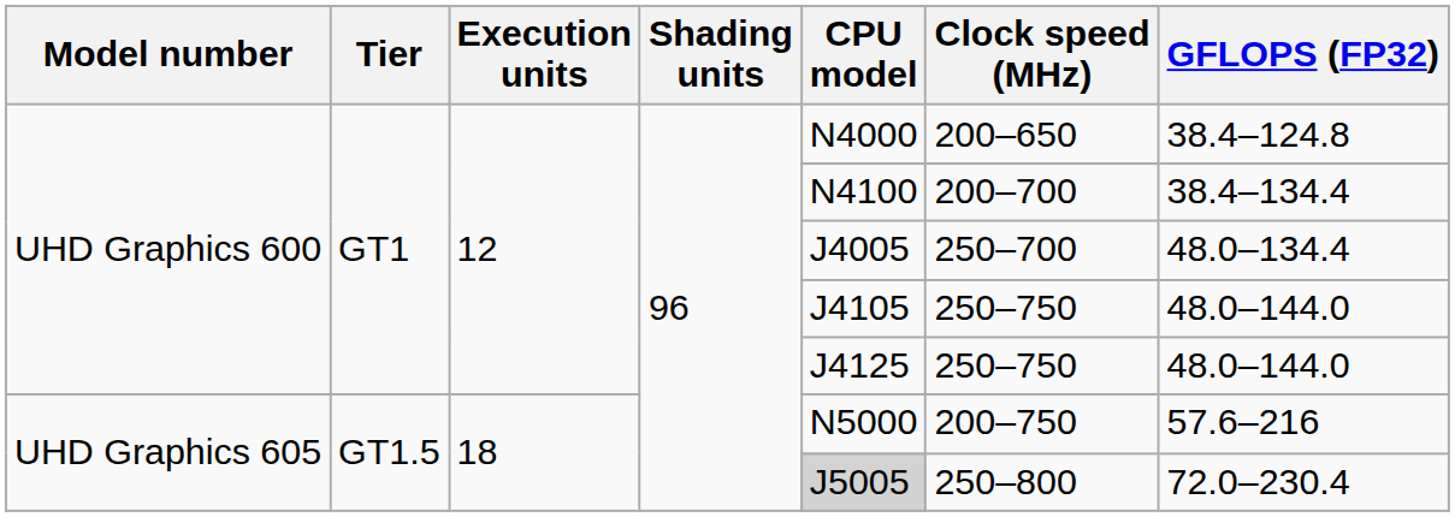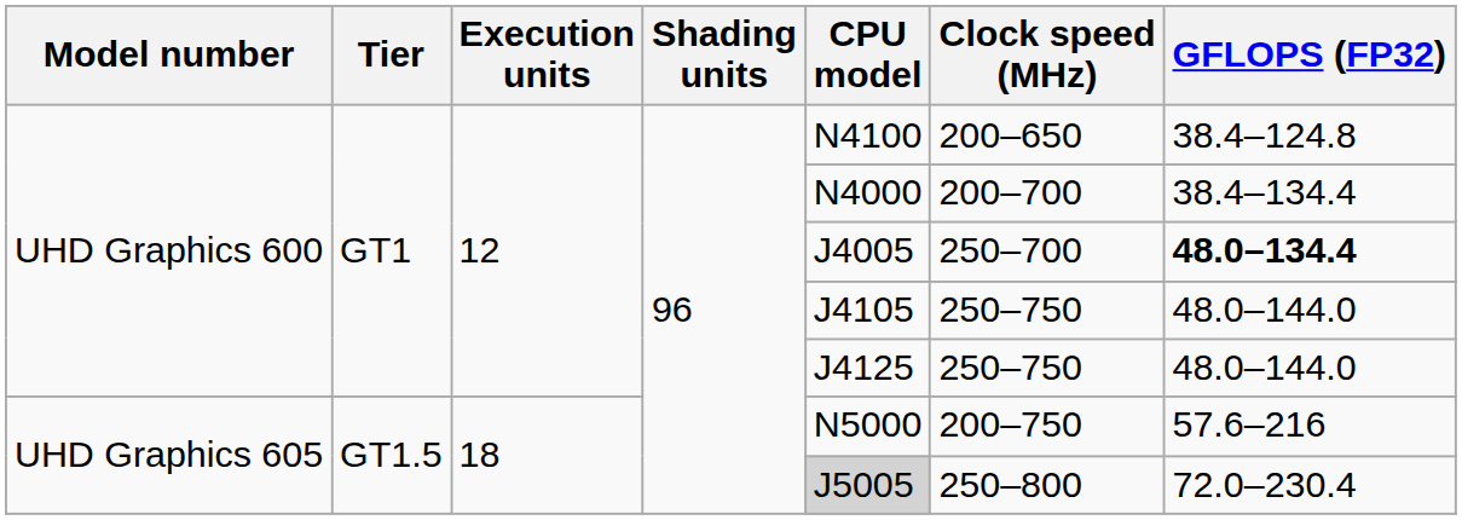 <table class="wikitable">
 <tr>
 <th>Model number</th>
 <th>Tier</th>
 <th>Execution<br>units</th>
 <th>Shading<br>units</th>
 <th>CPU<br>model</th>
 <th>Clock speed<br>(MHz)</th>
 <th><a href='#'>GFLOPS</a> (<a href='#'>FP32</a>)</th>
 </tr>
 <tr>
 <td rowspan="5"> UHD Graphics 600</td>
 <td rowspan="5">GT1</td>
 <td rowspan="5">12</td>
 <td rowspan="7">96</td>
-<td>N4000</td>
+<td>N4100</td>
 <td>200–650</td>
 <td>38.4–124.8</td>
 </tr>
 <tr>
-<td>N4100</td>
+<td>N4000</td>
 <td>200–700</td>
 <td>38.4–134.4</td>
 </tr>
 <tr>
 <td>J4005</td>
 <td>250–700</td>
-<td>48.0–134.4</td>
+<td><strong>48.0–134.4</strong></td>
 </tr>
 <tr>
 <td>J4105</td>
 <td>250–750</td>
 <td>48.0–144.0</td>
 </tr>
 <tr>
 <td>J4125</td>
 <td>250–750</td>
 <td>48.0–144.0</td>
 </tr>
 <tr>
 <td rowspan="2">UHD Graphics 605</td>
 <td rowspan="2">GT1.5</td>
 <td rowspan="2">18</td>
 <td>N5000</td>
 <td>200–750</td>
 <td>57.6–216</td>
 </tr>
 <tr>
 <td style="background: lightgrey;">J5005</td>
 <td>250–800</td>
 <td>72.0–230.4</td>
 </tr>
 </table>
